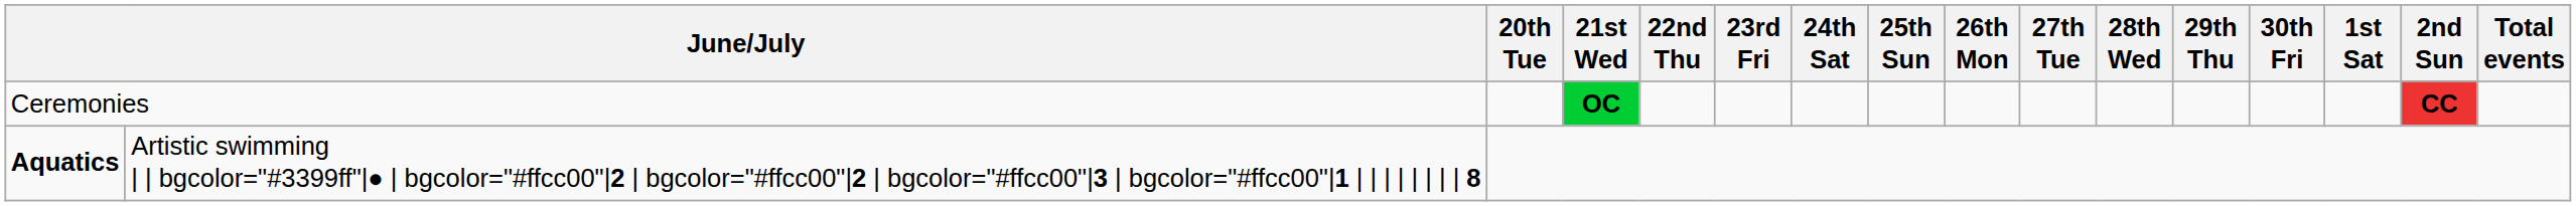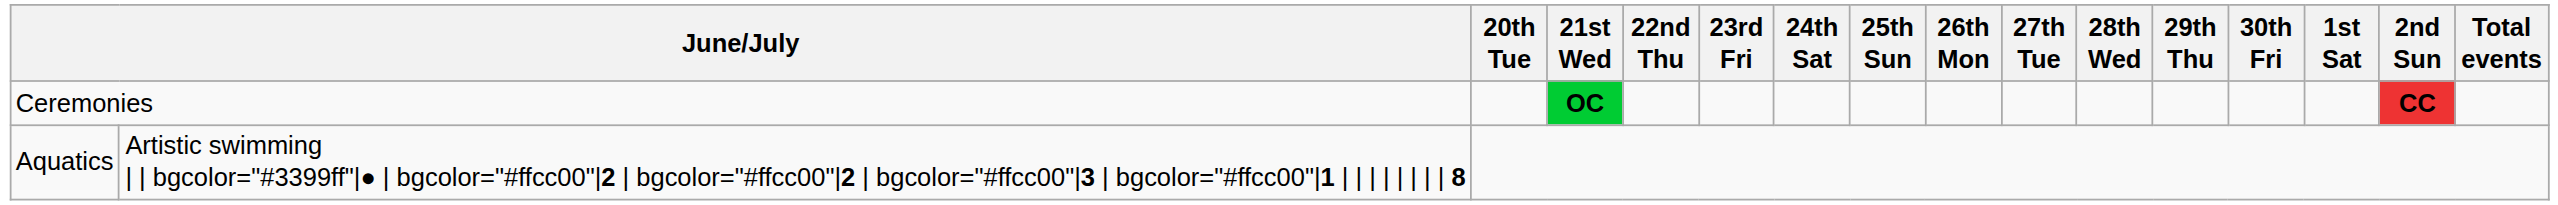 <table class="wikitable" style="text-align:center; margin:0.5em auto; font-size:90%; line-height:1.25em">
 <tr>
 <th colspan=2>June/July</th>
 <th style="width:2.5em">20th<br>Tue</th>
 <th style="width:2.5em">21st<br>Wed</th>
 <th style="width:2.5em">22nd<br>Thu</th>
 <th style="width:2.5em">23rd<br>Fri</th>
 <th style="width:2.5em">24th<br>Sat</th>
 <th style="width:2.5em">25th<br>Sun</th>
 <th style="width:2.5em">26th<br>Mon</th>
 <th style="width:2.5em">27th<br>Tue</th>
 <th style="width:2.5em">28th<br>Wed</th>
 <th style="width:2.5em">29th<br>Thu</th>
 <th style="width:2.5em">30th<br>Fri</th>
 <th style="width:2.5em">1st<br>Sat</th>
 <th style="width:2.5em">2nd<br>Sun</th>
 <th><strong>Total<br>events</strong></th>
 </tr>
 <tr>
 <td colspan=2 align=left>Ceremonies</td>
 <td></td>
 <td bgcolor=#00cc33 align=center><strong>OC</strong></td>
 <td></td>
 <td></td>
 <td></td>
 <td></td>
 <td></td>
 <td></td>
 <td></td>
 <td></td>
 <td></td>
 <td></td>
 <td bgcolor=#ee3333 align=center><strong>CC</strong></td>
 <td></td>
 </tr>
 <tr>
-<td align=left><strong>Aquatics</strong></td>
+<td align=left>Aquatics</td>
 <td align=left> Artistic swimming<br>| | bgcolor="#3399ff"|● | bgcolor="#ffcc00"|<strong>2</strong> | bgcolor="#ffcc00"|<strong>2</strong> | bgcolor="#ffcc00"|<strong>3</strong> | bgcolor="#ffcc00"|<strong>1</strong> | | | | | | | | <strong>8</strong></td>
 </tr>
 </table>
